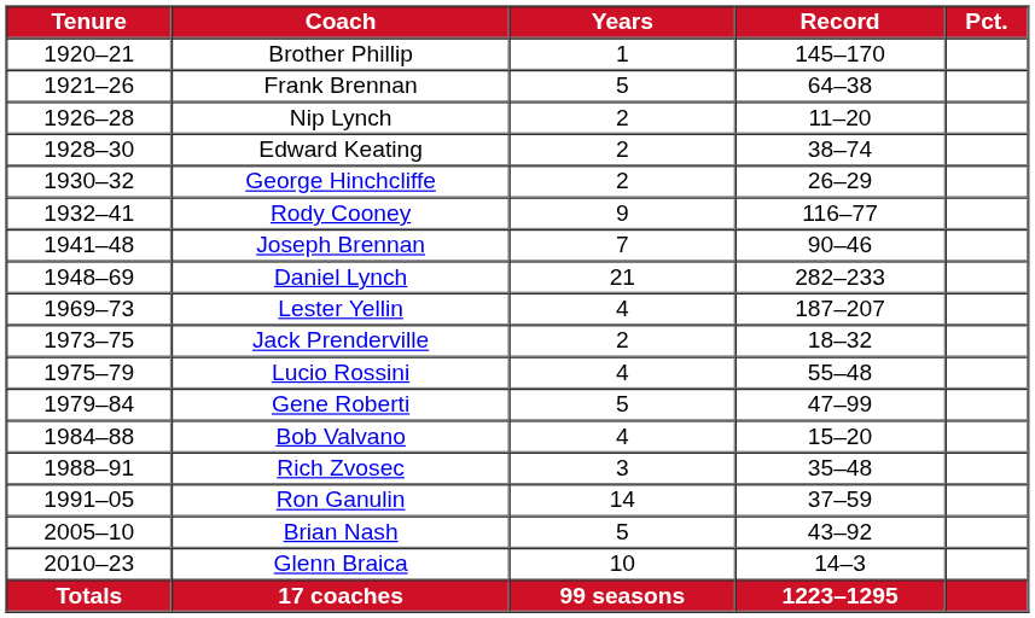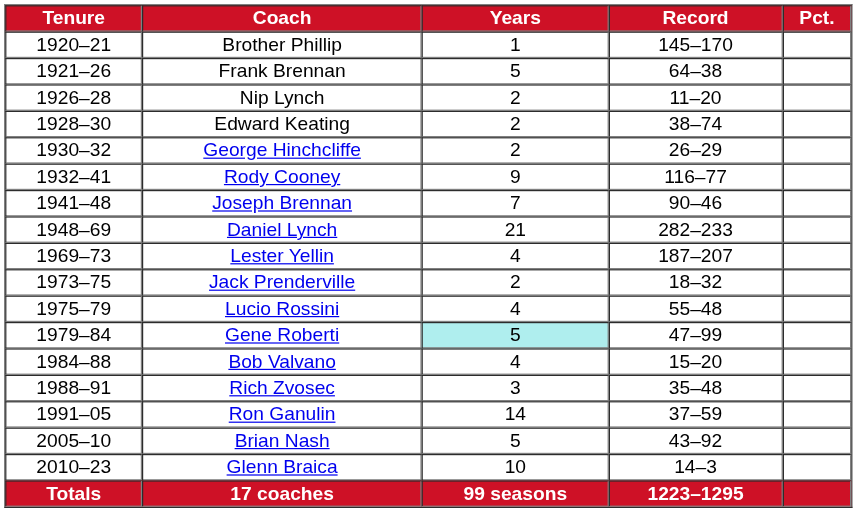 <table cellpadding="1" border="1" cellspacing="0" width="80%" style="text-align:center;">
 <tr style="background:#CE1126; color:white;">
 <th>Tenure</th>
 <th>Coach</th>
 <th>Years</th>
 <th>Record</th>
 <th>Pct.</th>
 </tr>
 <tr>
 <td>1920–21</td>
 <td>Brother Phillip</td>
 <td>1</td>
 <td>145–170</td>
 <td></td>
 </tr>
 <tr>
 <td>1921–26</td>
 <td>Frank Brennan</td>
 <td>5</td>
 <td>64–38</td>
 <td></td>
 </tr>
 <tr>
 <td>1926–28</td>
 <td>Nip Lynch</td>
 <td>2</td>
 <td>11–20</td>
 <td></td>
 </tr>
 <tr>
 <td>1928–30</td>
 <td>Edward Keating</td>
 <td>2</td>
 <td>38–74</td>
 <td></td>
 </tr>
 <tr>
 <td>1930–32</td>
 <td><a href='#'>George Hinchcliffe</a></td>
 <td>2</td>
 <td>26–29</td>
 <td></td>
 </tr>
 <tr>
 <td>1932–41</td>
 <td><a href='#'>Rody Cooney</a></td>
 <td>9</td>
 <td>116–77</td>
 <td></td>
 </tr>
 <tr>
 <td>1941–48</td>
 <td><a href='#'>Joseph Brennan</a></td>
 <td>7</td>
 <td>90–46</td>
 <td></td>
 </tr>
 <tr>
 <td>1948–69</td>
 <td><a href='#'>Daniel Lynch</a></td>
 <td>21</td>
 <td>282–233</td>
 <td></td>
 </tr>
 <tr>
 <td>1969–73</td>
 <td><a href='#'>Lester Yellin</a></td>
 <td>4</td>
 <td>187–207</td>
 <td></td>
 </tr>
 <tr>
 <td>1973–75</td>
 <td><a href='#'>Jack Prenderville</a></td>
 <td>2</td>
 <td>18–32</td>
 <td></td>
 </tr>
 <tr>
 <td>1975–79</td>
 <td><a href='#'>Lucio Rossini</a></td>
 <td>4</td>
 <td>55–48</td>
 <td></td>
 </tr>
 <tr>
 <td>1979–84</td>
 <td><a href='#'>Gene Roberti</a></td>
-<td>5</td>
+<td style="background: paleturquoise;">5</td>
 <td>47–99</td>
 <td></td>
 </tr>
 <tr>
 <td>1984–88</td>
 <td><a href='#'>Bob Valvano</a></td>
 <td>4</td>
 <td>15–20</td>
 <td></td>
 </tr>
 <tr>
 <td>1988–91</td>
 <td><a href='#'>Rich Zvosec</a></td>
 <td>3</td>
 <td>35–48</td>
 <td></td>
 </tr>
 <tr>
 <td>1991–05</td>
 <td><a href='#'>Ron Ganulin</a></td>
 <td>14</td>
 <td>37–59</td>
 <td></td>
 </tr>
 <tr>
 <td>2005–10</td>
 <td><a href='#'>Brian Nash</a></td>
 <td>5</td>
 <td>43–92</td>
 <td></td>
 </tr>
 <tr>
 <td>2010–23</td>
 <td><a href='#'>Glenn Braica</a></td>
 <td>10</td>
 <td>14–3</td>
 <td></td>
 </tr>
 <tr style="background:#CE1126; color:white;">
 <th>Totals</th>
 <th>17 coaches</th>
 <th>99 seasons</th>
 <th>1223–1295</th>
 <th></th>
 </tr>
 <tr>
 </tr>
 </table>
